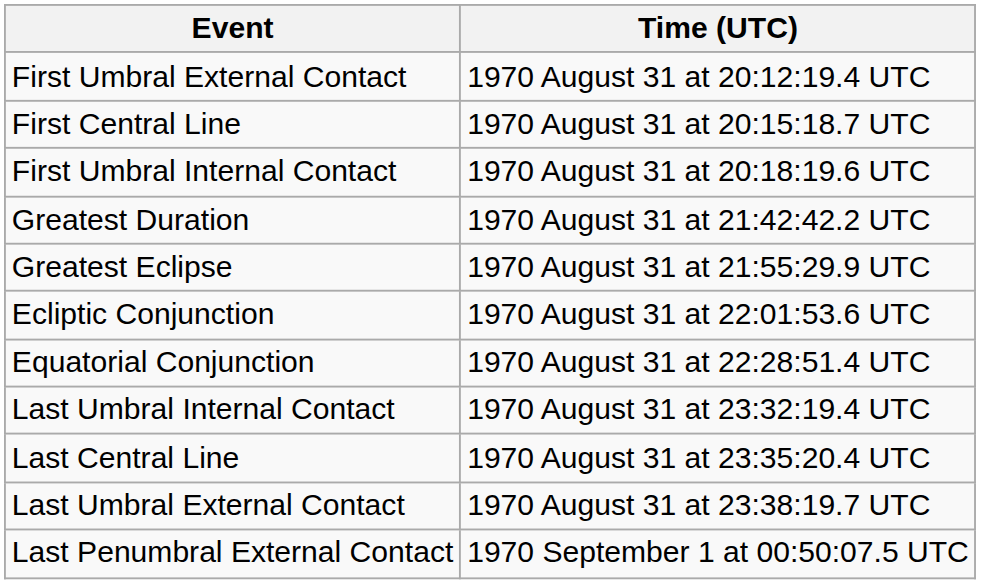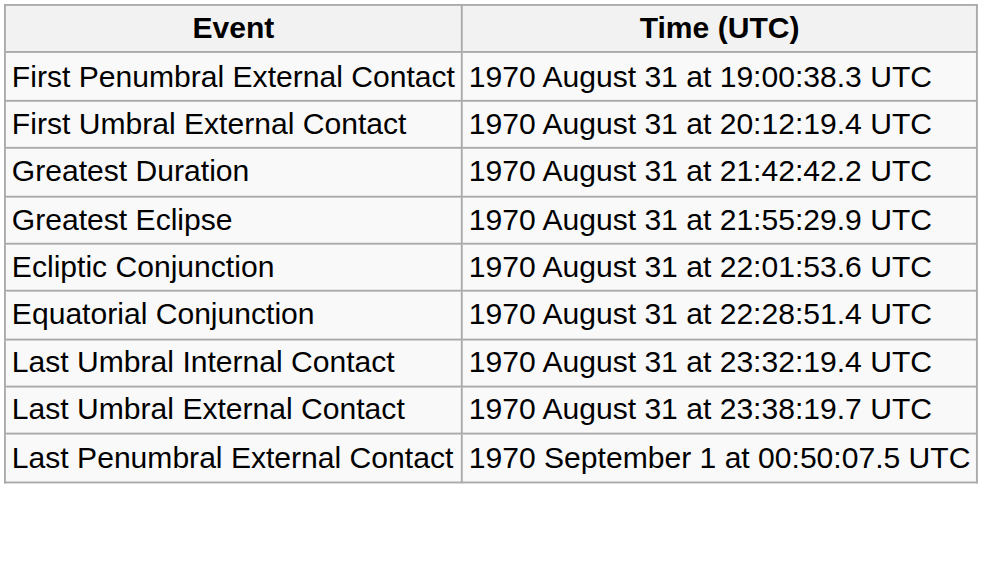 <table class="wikitable">
 <tr>
 <th>Event</th>
 <th>Time (UTC)</th>
 </tr>
 <tr>
+<td>First Penumbral External Contact</td>
+<td>1970 August 31 at 19:00:38.3 UTC</td>
+</tr>
+<tr>
 <td>First Umbral External Contact</td>
 <td>1970 August 31 at 20:12:19.4 UTC</td>
-</tr>
-<tr>
-<td>First Central Line</td>
-<td>1970 August 31 at 20:15:18.7 UTC</td>
-</tr>
-<tr>
-<td>First Umbral Internal Contact</td>
-<td>1970 August 31 at 20:18:19.6 UTC</td>
 </tr>
 <tr>
 <td>Greatest Duration</td>
 <td>1970 August 31 at 21:42:42.2 UTC</td>
 </tr>
 <tr>
 <td>Greatest Eclipse</td>
 <td>1970 August 31 at 21:55:29.9 UTC</td>
 </tr>
 <tr>
 <td>Ecliptic Conjunction</td>
 <td>1970 August 31 at 22:01:53.6 UTC</td>
 </tr>
 <tr>
 <td>Equatorial Conjunction</td>
 <td>1970 August 31 at 22:28:51.4 UTC</td>
 </tr>
 <tr>
 <td>Last Umbral Internal Contact</td>
 <td>1970 August 31 at 23:32:19.4 UTC</td>
 </tr>
 <tr>
-<td>Last Central Line</td>
-<td>1970 August 31 at 23:35:20.4 UTC</td>
-</tr>
-<tr>
 <td>Last Umbral External Contact</td>
 <td>1970 August 31 at 23:38:19.7 UTC</td>
 </tr>
 <tr>
 <td>Last Penumbral External Contact</td>
 <td>1970 September 1 at 00:50:07.5 UTC</td>
 </tr>
 </table>
